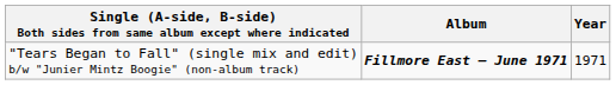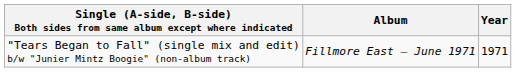 <table class="wikitable">
 <tr>
 <th>Single (A-side, B-side)<br><small>Both sides from same album except where indicated</small></th>
 <th>Album</th>
 <th>Year</th>
 </tr>
 <tr>
 <td>"Tears Began to Fall" (single mix and edit)<br><small>b/w "Junier Mintz Boogie" (non-album track)</small></td>
-<td><strong><em>Fillmore East – June 1971</em></strong></td>
+<td><em>Fillmore East – June 1971</em></td>
 <td rowspan="3">1971</td>
 </tr>
 </table>
